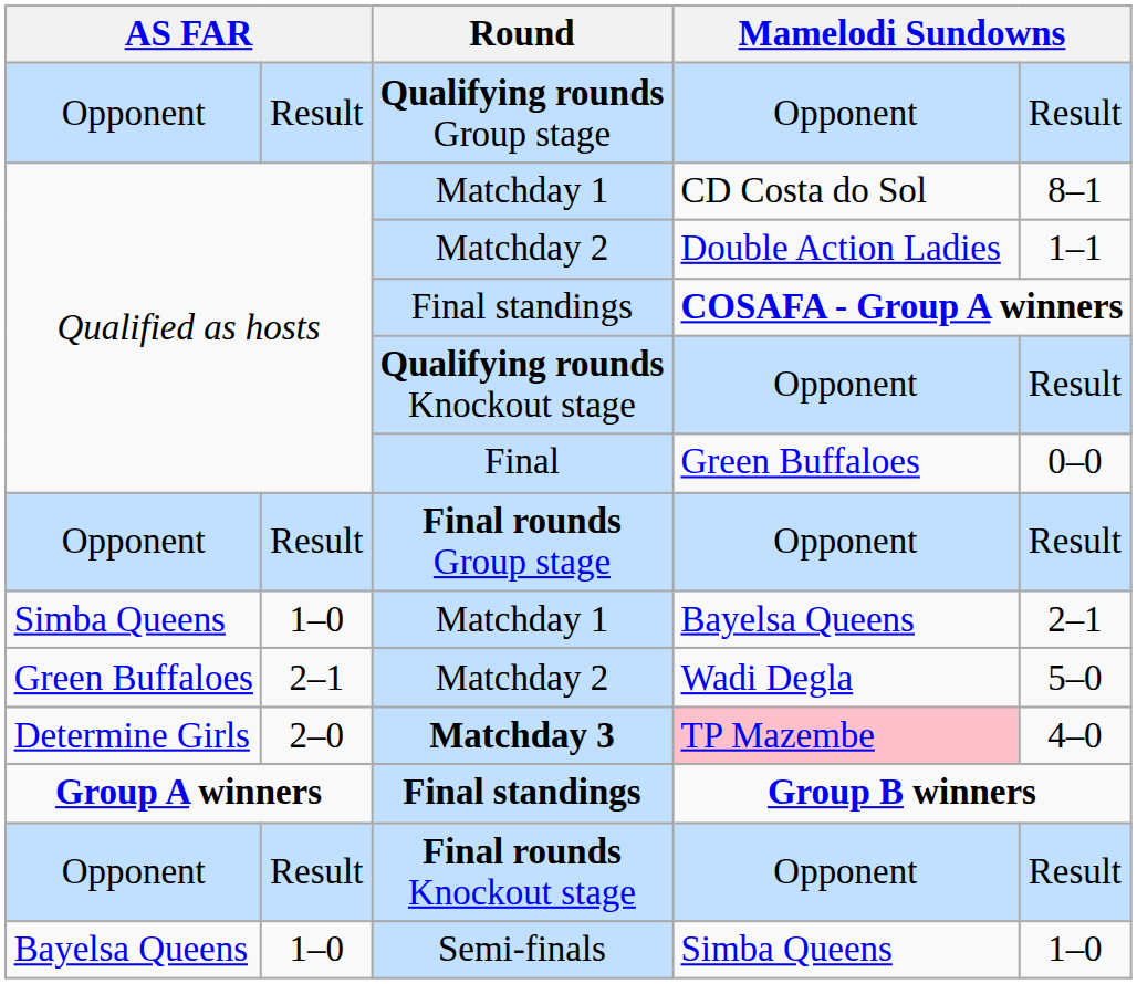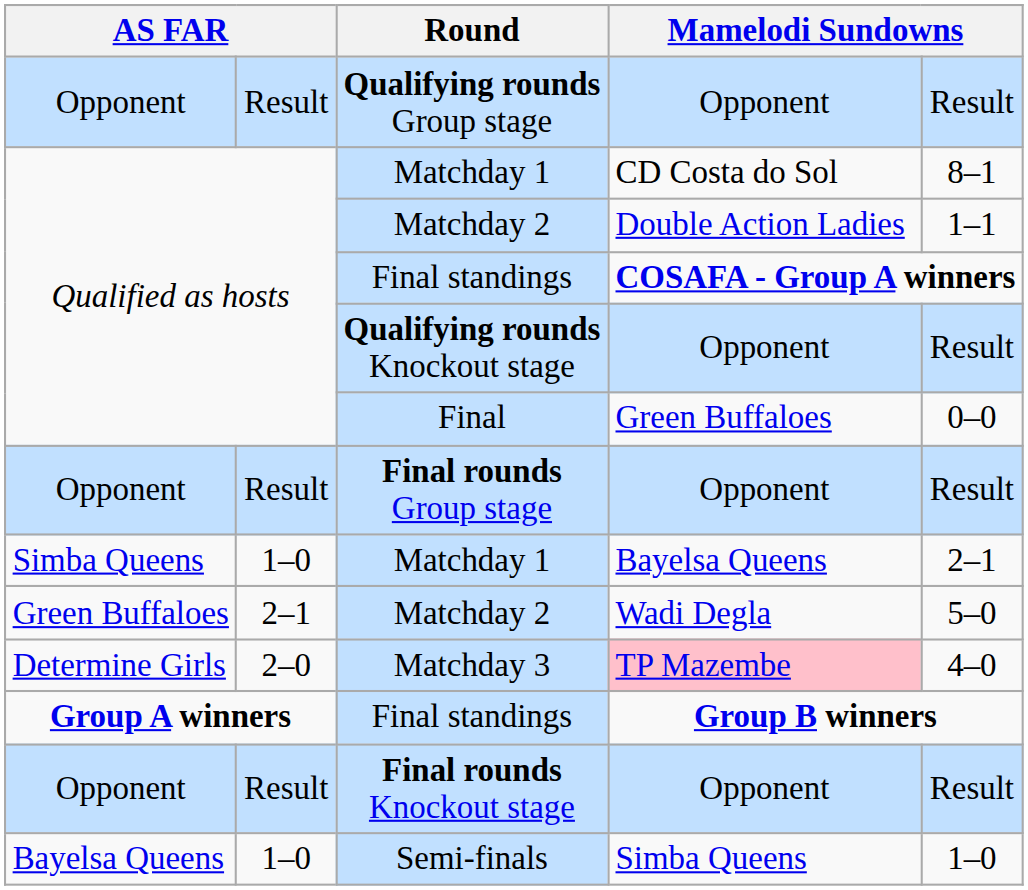 <table class="wikitable" style="text-align:center">
 <tr>
 <th colspan=4> <a href='#'>AS FAR</a></th>
 <th>Round</th>
 <th colspan=4> <a href='#'>Mamelodi Sundowns</a></th>
 </tr>
 <tr style="background:#C1E0FF">
 <td colspan=1>Opponent</td>
 <td colspan=3>Result</td>
 <td><strong>Qualifying rounds</strong><br>Group stage</td>
 <td>Opponent</td>
 <td colspan=3>Result</td>
 </tr>
 <tr>
 <td style="text-align:center" colspan=4 rowspan=5><em>Qualified as hosts</em></td>
 <td style="background:#C1E0FF">Matchday 1</td>
 <td style="text-align:left"> CD Costa do Sol</td>
 <td colspan="3">8–1</td>
 </tr>
 <tr>
 <td style="background:#C1E0FF">Matchday 2</td>
 <td style="text-align:left"> <a href='#'>Double Action Ladies</a></td>
 <td colspan="3">1–1</td>
 </tr>
 <tr>
 <td style="background:#C1E0FF">Final standings</td>
 <td colspan="4" style="vertical-align:top"><strong><a href='#'>COSAFA - Group A</a> winners</strong><br><div>  </div></td>
 </tr>
 <tr style="background:#C1E0FF">
 <td><strong>Qualifying rounds</strong><br>Knockout stage</td>
 <td>Opponent</td>
 <td colspan="3">Result</td>
 </tr>
 <tr>
 <td style="background:#C1E0FF">Final</td>
 <td style="text-align:left"> <a href='#'>Green Buffaloes</a></td>
 <td colspan="3">0–0 </td>
 </tr>
 <tr style="background:#C1E0FF">
 <td>Opponent</td>
 <td colspan="3">Result</td>
 <td><strong>Final rounds</strong><br><a href='#'>Group stage</a></td>
 <td>Opponent</td>
 <td colspan="3">Result</td>
 </tr>
 <tr>
 <td style="text-align:left"> <a href='#'>Simba Queens</a></td>
 <td colspan="3">1–0</td>
 <td style="background:#C1E0FF">Matchday 1</td>
 <td style="text-align:left"> <a href='#'>Bayelsa Queens</a></td>
 <td colspan="3">2–1</td>
 </tr>
 <tr>
 <td style="text-align:left"> <a href='#'>Green Buffaloes</a></td>
 <td colspan="3">2–1</td>
 <td style="background:#C1E0FF">Matchday 2</td>
 <td style="text-align:left"> <a href='#'>Wadi Degla</a></td>
 <td colspan="3">5–0</td>
 </tr>
 <tr>
 <td style="text-align:left"> <a href='#'>Determine Girls</a></td>
 <td colspan="3">2–0</td>
-<td style="background:#C1E0FF"><strong>Matchday 3</strong></td>
+<td style="background:#C1E0FF">Matchday 3</td>
 <td style="background: pink; text-align:left"> <a href='#'>TP Mazembe</a></td>
 <td colspan="3">4–0</td>
 </tr>
 <tr>
 <td colspan="4" style="vertical-align:top"><strong><a href='#'>Group A</a> winners</strong><br><div></div></td>
-<td style="background:#C1E0FF"><strong>Final standings</strong></td>
+<td style="background:#C1E0FF">Final standings</td>
 <td colspan="4" style="vertical-align:top"><strong><a href='#'>Group B</a> winners</strong><br><div></div></td>
 </tr>
 <tr style="background:#C1E0FF">
 <td>Opponent</td>
 <td colspan="3">Result</td>
 <td><strong>Final rounds</strong><br><a href='#'>Knockout stage</a></td>
 <td>Opponent</td>
 <td colspan="3">Result</td>
 </tr>
 <tr>
 <td style="text-align:left"> <a href='#'>Bayelsa Queens</a></td>
 <td colspan="3">1–0</td>
 <td style="background:#C1E0FF">Semi-finals</td>
 <td style="text-align:left"> <a href='#'>Simba Queens</a></td>
 <td colspan="3">1–0</td>
 </tr>
 </table>
